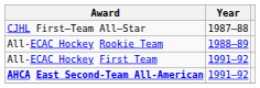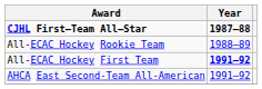 <table class="wikitable">
 <tr>
 <th>Award</th>
 <th>Year</th>
 <th></th>
 </tr>
 <tr>
-<td><a href='#'>CJHL</a> First–Team All–Star</td>
-<td>1987–88</td>
+<td><strong><a href='#'>CJHL</a> First–Team All–Star</strong></td>
+<td><strong>1987–88</strong></td>
 <td></td>
 </tr>
 <tr>
 <td>All-<a href='#'>ECAC Hockey</a> <a href='#'>Rookie Team</a></td>
 <td><a href='#'>1988–89</a></td>
 <td></td>
 </tr>
 <tr>
 <td>All-<a href='#'>ECAC Hockey</a> <a href='#'>First Team</a></td>
-<td><a href='#'>1991–92</a></td>
+<td><strong><a href='#'>1991–92</a></strong></td>
 <td></td>
 </tr>
 <tr>
-<td><strong><a href='#'>AHCA</a> <a href='#'>East Second-Team All-American</a></strong></td>
+<td><a href='#'>AHCA</a> <a href='#'>East Second-Team All-American</a></td>
 <td><a href='#'>1991–92</a></td>
 <td></td>
 </tr>
 <tr>
 </tr>
 </table>
